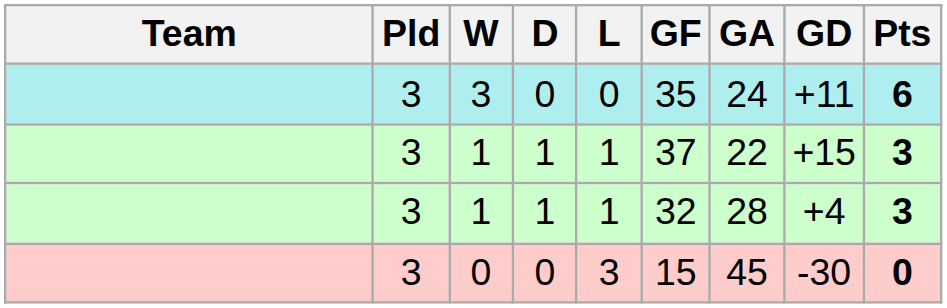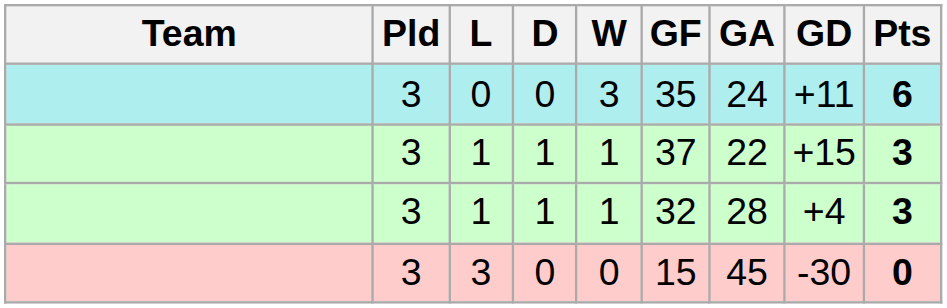 <table class="wikitable" style="text-align:center">
 <tr>
 <th width=150>Team</th>
 <th width=20>Pld</th>
+<th width=20>L</th>
+<th width=20>D</th>
 <th width=20>W</th>
-<th width=20>D</th>
-<th width=20>L</th>
 <th width=20>GF</th>
 <th width=20>GA</th>
 <th width=20>GD</th>
 <th width=20>Pts</th>
 </tr>
 <tr bgcolor="#afeeee">
 <td align="left"></td>
 <td>3</td>
-<td>3</td>
 <td>0</td>
 <td>0</td>
+<td>3</td>
 <td>35</td>
 <td>24</td>
 <td>+11</td>
 <td><strong>6</strong></td>
 </tr>
 <tr bgcolor="#ccffcc">
 <td align="left"></td>
 <td>3</td>
 <td>1</td>
 <td>1</td>
 <td>1</td>
 <td>37</td>
 <td>22</td>
 <td>+15</td>
 <td><strong>3</strong></td>
 </tr>
 <tr bgcolor="#ccffcc">
 <td align="left"></td>
 <td>3</td>
 <td>1</td>
 <td>1</td>
 <td>1</td>
 <td>32</td>
 <td>28</td>
 <td>+4</td>
 <td><strong>3</strong></td>
 </tr>
 <tr bgcolor="#ffcccc">
 <td align="left"></td>
 <td>3</td>
+<td>3</td>
 <td>0</td>
 <td>0</td>
-<td>3</td>
 <td>15</td>
 <td>45</td>
 <td>-30</td>
 <td><strong>0</strong></td>
 </tr>
 </table>
